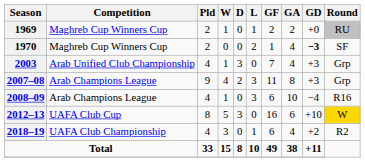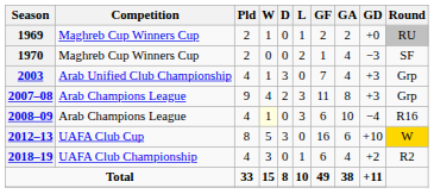 <table class="wikitable plainrowheaders sortable" style="text-align:center;">
 <tr>
 <th scope="col">Season</th>
 <th scope="col">Competition</th>
 <th scope="col">Pld</th>
 <th scope="col">W</th>
 <th scope="col">D</th>
 <th scope="col">L</th>
 <th scope="col">GF</th>
 <th scope="col">GA</th>
 <th scope="col">GD</th>
 <th scope="col">Round</th>
 </tr>
 <tr>
 <th scope="row" style="text-align:center">1969</th>
 <td align=left><a href='#'>Maghreb Cup Winners Cup</a></td>
 <td>2</td>
 <td>1</td>
 <td>0</td>
 <td>1</td>
 <td>2</td>
 <td>2</td>
 <td>+0</td>
 <td style="background:silver;">RU</td>
 </tr>
 <tr>
 <th scope="row" style="text-align:center">1970</th>
 <td align=left>Maghreb Cup Winners Cup</td>
 <td>2</td>
 <td>0</td>
 <td>0</td>
 <td>2</td>
 <td>1</td>
 <td>4</td>
-<td><strong>−3</strong></td>
+<td>−3</td>
 <td>SF</td>
 </tr>
 <tr>
 <th scope="row" style="text-align:center"><a href='#'>2003</a></th>
 <td align=left><a href='#'>Arab Unified Club Championship</a></td>
 <td>4</td>
 <td>1</td>
 <td>3</td>
 <td>0</td>
 <td>7</td>
 <td>4</td>
 <td>+3</td>
 <td>Grp</td>
 </tr>
 <tr>
 <th scope="row" style="text-align:center"><a href='#'>2007–08</a></th>
 <td align=left><a href='#'>Arab Champions League</a></td>
 <td>9</td>
 <td>4</td>
 <td>2</td>
 <td>3</td>
 <td>11</td>
 <td>8</td>
 <td>+3</td>
 <td>Grp</td>
 </tr>
 <tr>
 <th scope="row" style="text-align:center"><a href='#'>2008–09</a></th>
 <td align=left>Arab Champions League</td>
 <td>4</td>
-<td>1</td>
+<td style="background: lightyellow;">1</td>
 <td>0</td>
 <td>3</td>
 <td>6</td>
 <td>10</td>
 <td>−4</td>
 <td>R16</td>
 </tr>
 <tr>
 <th scope="row" style="text-align:center"><a href='#'>2012–13</a></th>
 <td align=left><a href='#'>UAFA Club Cup</a></td>
 <td>8</td>
 <td>5</td>
 <td>3</td>
 <td>0</td>
 <td>16</td>
 <td>6</td>
 <td>+10</td>
 <td style=background:gold>W</td>
 </tr>
 <tr>
 <th scope="row" style="text-align:center"><a href='#'>2018–19</a></th>
 <td align=left><a href='#'>UAFA Club Championship</a></td>
 <td>4</td>
 <td>3</td>
 <td>0</td>
 <td>1</td>
 <td>6</td>
 <td>4</td>
 <td>+2</td>
 <td>R2</td>
 </tr>
 <tr>
 <td colspan=2 align-"center"><strong>Total</strong></td>
 <td><strong>33</strong></td>
 <td><strong>15</strong></td>
 <td><strong>8</strong></td>
 <td><strong>10</strong></td>
 <td><strong>49</strong></td>
 <td><strong>38</strong></td>
 <td><strong>+11</strong></td>
 </tr>
 <tr>
 </tr>
 </table>
